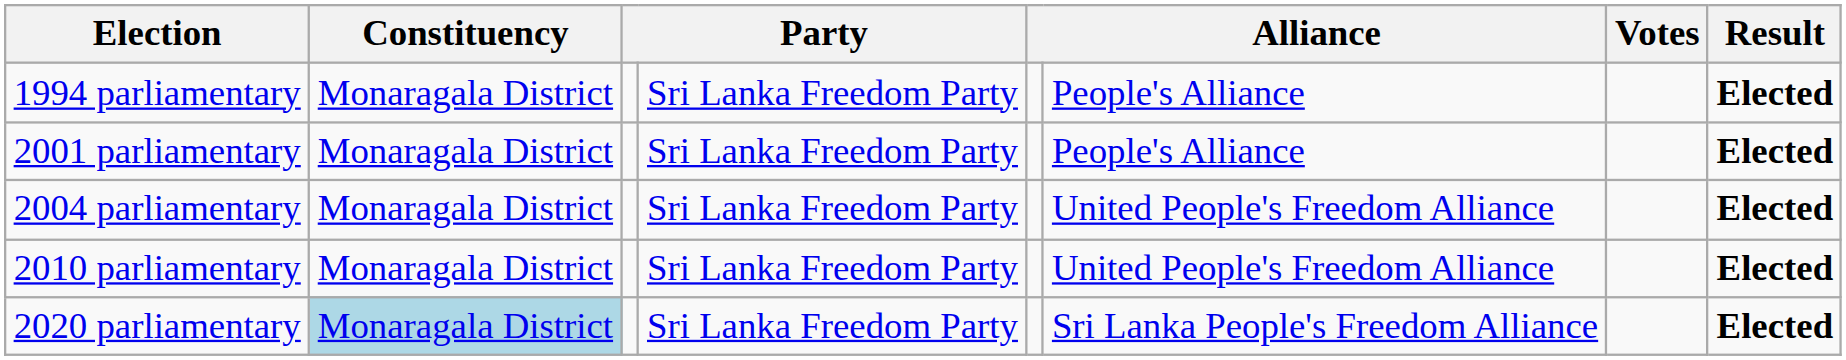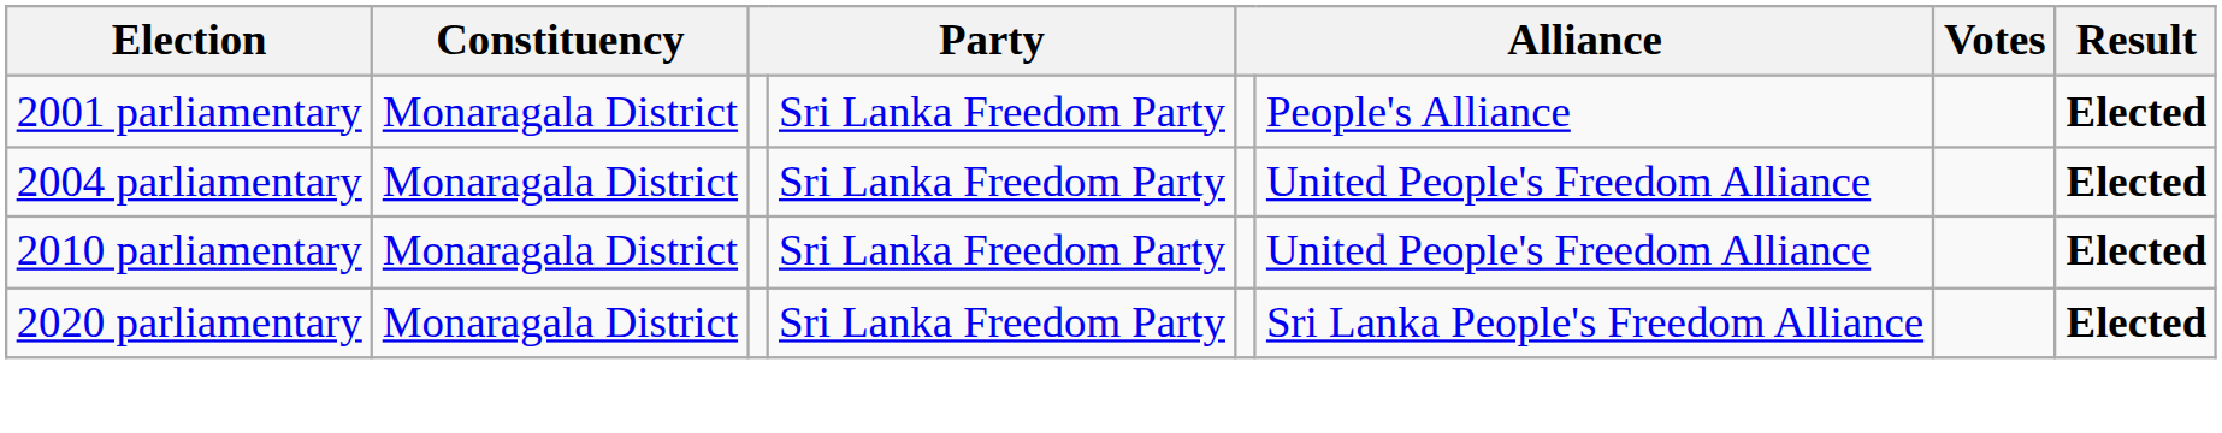 <table class="wikitable" style="text-align:left;">
 <tr>
 <th scope=col>Election</th>
 <th scope=col>Constituency</th>
 <th scope=col colspan="2">Party</th>
 <th scope=col colspan="2">Alliance</th>
 <th scope=col>Votes</th>
 <th scope=col>Result</th>
-</tr>
-<tr>
-<td><a href='#'>1994 parliamentary</a></td>
-<td><a href='#'>Monaragala District</a></td>
-<td style="background:"></td>
-<td><a href='#'>Sri Lanka Freedom Party</a></td>
-<td style="background:"></td>
-<td><a href='#'>People's Alliance</a></td>
-<td align=right></td>
-<td><strong>Elected</strong></td>
 </tr>
 <tr>
 <td><a href='#'>2001 parliamentary</a></td>
 <td><a href='#'>Monaragala District</a></td>
 <td style="background:"></td>
 <td><a href='#'>Sri Lanka Freedom Party</a></td>
 <td style="background:"></td>
 <td><a href='#'>People's Alliance</a></td>
 <td align=right></td>
 <td><strong>Elected</strong></td>
 </tr>
 <tr>
 <td><a href='#'>2004 parliamentary</a></td>
 <td><a href='#'>Monaragala District</a></td>
 <td style="background:"></td>
 <td><a href='#'>Sri Lanka Freedom Party</a></td>
 <td style="background:"></td>
 <td><a href='#'>United People's Freedom Alliance</a></td>
 <td align=right></td>
 <td><strong>Elected</strong></td>
 </tr>
 <tr>
 <td><a href='#'>2010 parliamentary</a></td>
 <td><a href='#'>Monaragala District</a></td>
 <td style="background:"></td>
 <td><a href='#'>Sri Lanka Freedom Party</a></td>
 <td style="background:"></td>
 <td><a href='#'>United People's Freedom Alliance</a></td>
 <td align=right></td>
 <td><strong>Elected</strong></td>
 </tr>
 <tr>
 <td><a href='#'>2020 parliamentary</a></td>
-<td style="background: lightblue;"><a href='#'>Monaragala District</a></td>
+<td><a href='#'>Monaragala District</a></td>
 <td style="background:"></td>
 <td><a href='#'>Sri Lanka Freedom Party</a></td>
 <td style="background:"></td>
 <td><a href='#'>Sri Lanka People's Freedom Alliance</a></td>
 <td align=right></td>
 <td><strong>Elected</strong></td>
 </tr>
 </table>
